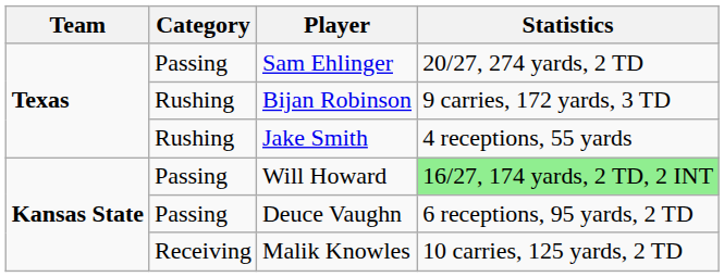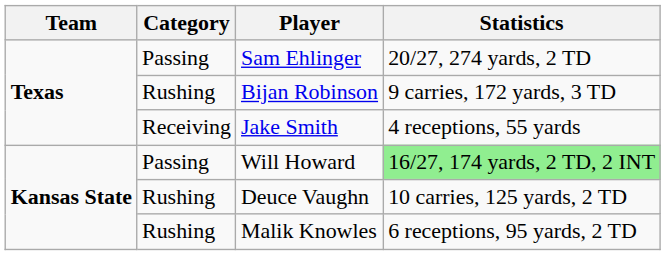 <table class="wikitable" style="float: right;">
 <tr>
 <th>Team</th>
 <th>Category</th>
 <th>Player</th>
 <th>Statistics</th>
 </tr>
 <tr>
 <td rowspan=3><strong>Texas</strong></td>
 <td>Passing</td>
 <td><a href='#'>Sam Ehlinger</a></td>
 <td>20/27, 274 yards, 2 TD</td>
 </tr>
 <tr>
 <td>Rushing</td>
 <td><a href='#'>Bijan Robinson</a></td>
 <td>9 carries, 172 yards, 3 TD</td>
 </tr>
 <tr>
-<td>Rushing</td>
+<td>Receiving</td>
 <td><a href='#'>Jake Smith</a></td>
 <td>4 receptions, 55 yards</td>
 </tr>
 <tr>
 <td rowspan=3><strong>Kansas State</strong></td>
 <td>Passing</td>
 <td>Will Howard</td>
 <td style="background: lightgreen;">16/27, 174 yards, 2 TD, 2 INT</td>
 </tr>
 <tr>
-<td>Passing</td>
+<td>Rushing</td>
 <td>Deuce Vaughn</td>
+<td>10 carries, 125 yards, 2 TD</td>
+</tr>
+<tr>
+<td>Rushing</td>
+<td>Malik Knowles</td>
 <td>6 receptions, 95 yards, 2 TD</td>
 </tr>
-<tr>
-<td>Receiving</td>
-<td>Malik Knowles</td>
-<td>10 carries, 125 yards, 2 TD</td>
-</tr>
 </table>
